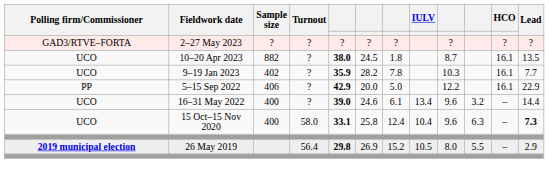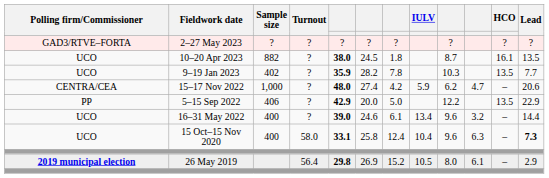 <table class="wikitable collapsible collapsed" style="text-align:center; font-size:95%; line-height:16px;">
 <tr style="height:42px;">
 <th style="width:250px;" rowspan="2">Polling firm/Commissioner</th>
 <th style="width:125px;" rowspan="2">Fieldwork date</th>
 <th style="width:50px;" rowspan="2">Sample size</th>
 <th style="width:45px;" rowspan="2">Turnout</th>
 <th style="width:35px;"></th>
 <th style="width:35px;"></th>
 <th style="width:35px;"></th>
 <th style="width:35px;"><a href='#'>IULV</a></th>
 <th style="width:35px;"></th>
 <th style="width:35px;"></th>
 <th style="width:35px;">HCO</th>
 <th style="width:30px;" rowspan="2">Lead</th>
 </tr>
 <tr>
 <th style="color:inherit;background:"></th>
 <th style="color:inherit;background:"></th>
 <th style="color:inherit;background:"></th>
 <th style="color:inherit;background:"></th>
 <th style="color:inherit;background:"></th>
 <th style="color:inherit;background:"></th>
 <th style="color:inherit;background:"></th>
 </tr>
 <tr style="background:#FFEAEA;">
 <td>GAD3/RTVE–FORTA</td>
 <td>2–27 May 2023</td>
 <td>?</td>
 <td>?</td>
 <td>?<br></td>
 <td>?<br></td>
 <td>?<br></td>
 <td></td>
 <td>?<br></td>
 <td></td>
 <td>?<br></td>
 <td style="background:">?</td>
 </tr>
 <tr>
 <td>UCO</td>
 <td>10–20 Apr 2023</td>
 <td>882</td>
 <td>?</td>
 <td><strong>38.0</strong><br></td>
 <td>24.5<br></td>
 <td>1.8<br></td>
 <td></td>
 <td>8.7<br></td>
 <td></td>
 <td>16.1<br></td>
 <td style="background:">13.5</td>
 </tr>
 <tr>
 <td>UCO</td>
 <td>9–19 Jan 2023</td>
 <td>402</td>
 <td>?</td>
 <td><strong>35.9</strong><br></td>
 <td>28.2<br></td>
 <td>7.8<br></td>
 <td></td>
 <td>10.3<br></td>
 <td></td>
-<td>16.1<br></td>
+<td>13.5<br></td>
 <td style="background:">7.7</td>
+</tr>
+<tr>
+<td>CENTRA/CEA</td>
+<td>15–17 Nov 2022</td>
+<td>1,000</td>
+<td>?</td>
+<td><strong>48.0</strong><br></td>
+<td>27.4<br></td>
+<td>4.2<br></td>
+<td>5.9<br></td>
+<td>6.2<br></td>
+<td>4.7<br></td>
+<td>–</td>
+<td style="background:">20.6</td>
 </tr>
 <tr>
 <td>PP</td>
 <td>5–15 Sep 2022</td>
 <td>406</td>
 <td>?</td>
 <td><strong>42.9</strong><br></td>
 <td>20.0<br></td>
 <td>5.0<br></td>
 <td></td>
 <td>12.2<br></td>
 <td></td>
-<td>16.1<br></td>
+<td>13.5<br></td>
 <td style="background:">22.9</td>
 </tr>
 <tr>
 <td>UCO</td>
 <td>16–31 May 2022</td>
 <td>400</td>
 <td>?</td>
 <td><strong>39.0</strong><br></td>
 <td>24.6<br></td>
 <td>6.1<br></td>
 <td>13.4<br></td>
 <td>9.6<br></td>
 <td>3.2<br></td>
 <td>–</td>
 <td style="background:">14.4</td>
 </tr>
 <tr>
 <td>UCO</td>
 <td>15 Oct–15 Nov 2020</td>
 <td>400</td>
 <td>58.0</td>
 <td><strong>33.1</strong><br></td>
 <td>25.8<br></td>
 <td>12.4<br></td>
 <td>10.4<br></td>
 <td>9.6<br></td>
 <td>6.3<br></td>
 <td>–</td>
 <td style="background:"><strong>7.3</strong></td>
 </tr>
 <tr>
 <td colspan="12" style="background:#A0A0A0"></td>
 </tr>
 <tr style="background:#EFEFEF;">
 <td><strong><a href='#'>2019 municipal election</a></strong></td>
 <td>26 May 2019</td>
 <td></td>
 <td>56.4</td>
 <td><strong>29.8</strong><br></td>
 <td>26.9<br></td>
 <td>15.2<br></td>
 <td>10.5<br></td>
 <td>8.0<br></td>
-<td>5.5<br></td>
+<td>6.1<br></td>
 <td>–</td>
 <td style="background:">2.9</td>
 </tr>
 <tr>
 <td colspan="12" style="background:#A0A0A0"></td>
 </tr>
 </table>
